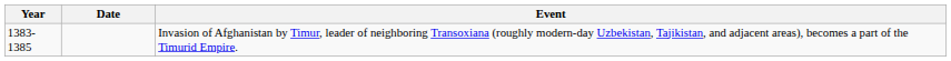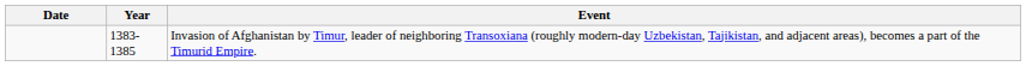 <table class="wikitable" width="100%">
 <tr>
+<th style="width:10%">Date</th>
 <th style="width:6%">Year</th>
-<th style="width:10%">Date</th>
 <th>Event</th>
 </tr>
 <tr>
+<td></td>
 <td>1383-1385</td>
-<td></td>
 <td>Invasion of Afghanistan by <a href='#'>Timur</a>, leader of neighboring <a href='#'>Transoxiana</a> (roughly modern-day <a href='#'>Uzbekistan</a>, <a href='#'>Tajikistan</a>, and adjacent areas), becomes a part of the <a href='#'>Timurid Empire</a>.</td>
 </tr>
 </table>
